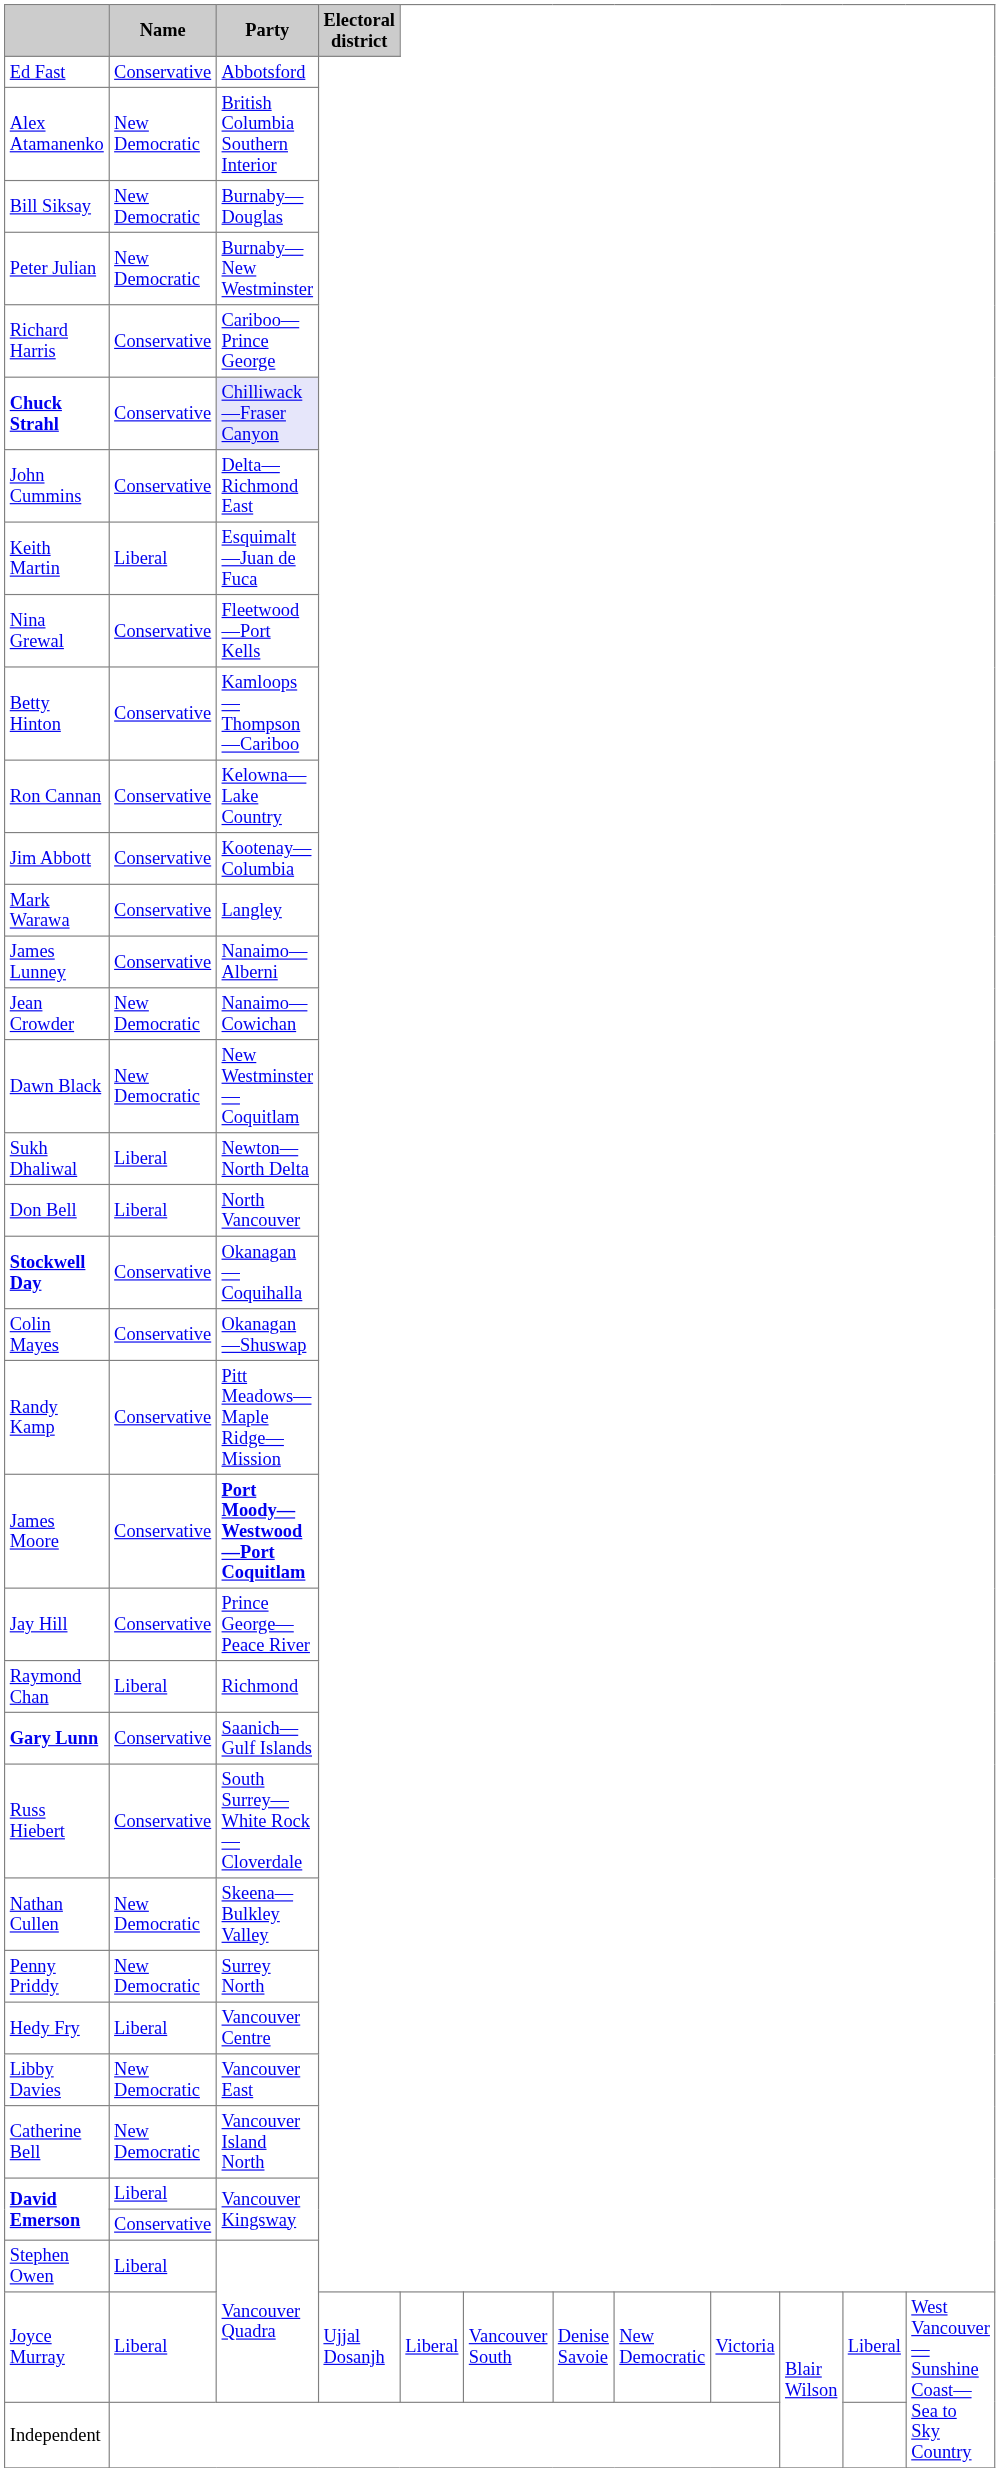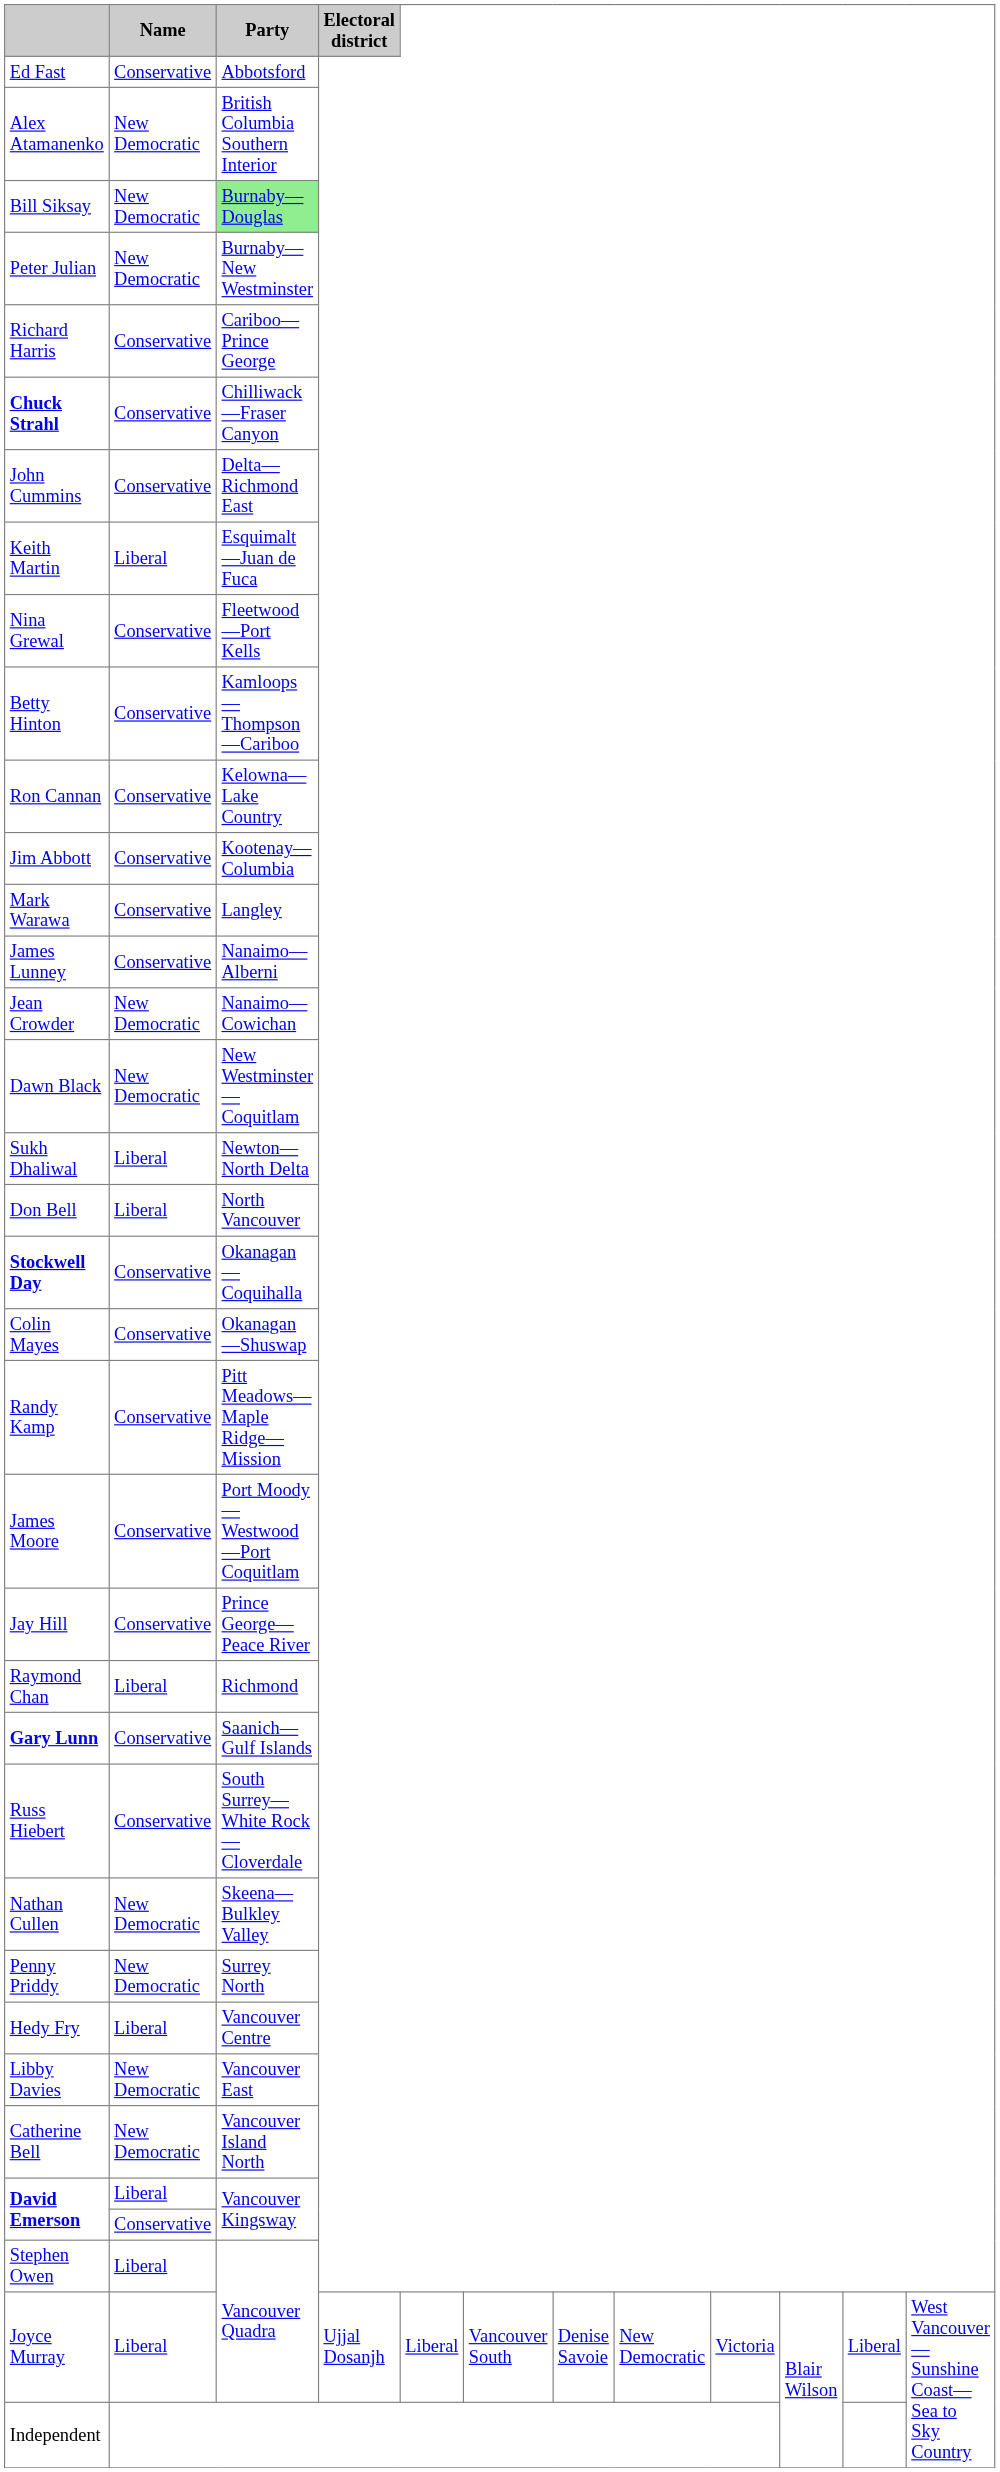 <table border="1" cellpadding="4" width="610" cellspacing="0" style="border-collapse: collapse">
 <tr bgcolor="CCCCCC">
 <th></th>
 <th>Name</th>
 <th>Party</th>
 <th>Electoral district</th>
 </tr>
 <tr>
 <td><a href='#'>Ed Fast</a></td>
 <td><a href='#'>Conservative</a></td>
 <td><a href='#'>Abbotsford</a></td>
 </tr>
 <tr>
 <td><a href='#'>Alex Atamanenko</a></td>
 <td><a href='#'>New Democratic</a></td>
 <td><a href='#'>British Columbia Southern Interior</a></td>
 </tr>
 <tr>
 <td><a href='#'>Bill Siksay</a></td>
 <td><a href='#'>New Democratic</a></td>
-<td><a href='#'>Burnaby—Douglas</a></td>
+<td style="background: lightgreen;"><a href='#'>Burnaby—Douglas</a></td>
 </tr>
 <tr>
 <td><a href='#'>Peter Julian</a></td>
 <td><a href='#'>New Democratic</a></td>
 <td><a href='#'>Burnaby—New Westminster</a></td>
 </tr>
 <tr>
 <td><a href='#'>Richard Harris</a></td>
 <td><a href='#'>Conservative</a></td>
 <td><a href='#'>Cariboo—Prince George</a></td>
 </tr>
 <tr>
 <td><strong><a href='#'>Chuck Strahl</a></strong></td>
 <td><a href='#'>Conservative</a></td>
-<td style="background: lavender;"><a href='#'>Chilliwack—Fraser Canyon</a></td>
+<td><a href='#'>Chilliwack—Fraser Canyon</a></td>
 </tr>
 <tr>
 <td><a href='#'>John Cummins</a></td>
 <td><a href='#'>Conservative</a></td>
 <td><a href='#'>Delta—Richmond East</a></td>
 </tr>
 <tr>
 <td><a href='#'>Keith Martin</a></td>
 <td><a href='#'>Liberal</a></td>
 <td><a href='#'>Esquimalt—Juan de Fuca</a></td>
 </tr>
 <tr>
 <td><a href='#'>Nina Grewal</a></td>
 <td><a href='#'>Conservative</a></td>
 <td><a href='#'>Fleetwood—Port Kells</a></td>
 </tr>
 <tr>
 <td><a href='#'>Betty Hinton</a></td>
 <td><a href='#'>Conservative</a></td>
 <td><a href='#'>Kamloops—Thompson—Cariboo</a></td>
 </tr>
 <tr>
 <td><a href='#'>Ron Cannan</a></td>
 <td><a href='#'>Conservative</a></td>
 <td><a href='#'>Kelowna—Lake Country</a></td>
 </tr>
 <tr>
 <td><a href='#'>Jim Abbott</a></td>
 <td><a href='#'>Conservative</a></td>
 <td><a href='#'>Kootenay—Columbia</a></td>
 </tr>
 <tr>
 <td><a href='#'>Mark Warawa</a></td>
 <td><a href='#'>Conservative</a></td>
 <td><a href='#'>Langley</a></td>
 </tr>
 <tr>
 <td><a href='#'>James Lunney</a></td>
 <td><a href='#'>Conservative</a></td>
 <td><a href='#'>Nanaimo—Alberni</a></td>
 </tr>
 <tr>
 <td><a href='#'>Jean Crowder</a></td>
 <td><a href='#'>New Democratic</a></td>
 <td><a href='#'>Nanaimo—Cowichan</a></td>
 </tr>
 <tr>
 <td><a href='#'>Dawn Black</a></td>
 <td><a href='#'>New Democratic</a></td>
 <td><a href='#'>New Westminster—Coquitlam</a></td>
 </tr>
 <tr>
 <td><a href='#'>Sukh Dhaliwal</a></td>
 <td><a href='#'>Liberal</a></td>
 <td><a href='#'>Newton—North Delta</a></td>
 </tr>
 <tr>
 <td><a href='#'>Don Bell</a></td>
 <td><a href='#'>Liberal</a></td>
 <td><a href='#'>North Vancouver</a></td>
 </tr>
 <tr>
 <td><strong><a href='#'>Stockwell Day</a></strong></td>
 <td><a href='#'>Conservative</a></td>
 <td><a href='#'>Okanagan—Coquihalla</a></td>
 </tr>
 <tr>
 <td><a href='#'>Colin Mayes</a></td>
 <td><a href='#'>Conservative</a></td>
 <td><a href='#'>Okanagan—Shuswap</a></td>
 </tr>
 <tr>
 <td><a href='#'>Randy Kamp</a></td>
 <td><a href='#'>Conservative</a></td>
 <td><a href='#'>Pitt Meadows—Maple Ridge—Mission</a></td>
 </tr>
 <tr>
 <td><a href='#'>James Moore</a></td>
 <td><a href='#'>Conservative</a></td>
-<td><strong><a href='#'>Port Moody—Westwood—Port Coquitlam</a></strong></td>
+<td><a href='#'>Port Moody—Westwood—Port Coquitlam</a></td>
 </tr>
 <tr>
 <td><a href='#'>Jay Hill</a></td>
 <td><a href='#'>Conservative</a></td>
 <td><a href='#'>Prince George—Peace River</a></td>
 </tr>
 <tr>
 <td><a href='#'>Raymond Chan</a></td>
 <td><a href='#'>Liberal</a></td>
 <td><a href='#'>Richmond</a></td>
 </tr>
 <tr>
 <td><strong><a href='#'>Gary Lunn</a></strong></td>
 <td><a href='#'>Conservative</a></td>
 <td><a href='#'>Saanich—Gulf Islands</a></td>
 </tr>
 <tr>
 <td><a href='#'>Russ Hiebert</a></td>
 <td><a href='#'>Conservative</a></td>
 <td><a href='#'>South Surrey—White Rock—Cloverdale</a></td>
 </tr>
 <tr>
 <td><a href='#'>Nathan Cullen</a></td>
 <td><a href='#'>New Democratic</a></td>
 <td><a href='#'>Skeena—Bulkley Valley</a></td>
 </tr>
 <tr>
 <td><a href='#'>Penny Priddy</a></td>
 <td><a href='#'>New Democratic</a></td>
 <td><a href='#'>Surrey North</a></td>
 </tr>
 <tr>
 <td><a href='#'>Hedy Fry</a></td>
 <td><a href='#'>Liberal</a></td>
 <td><a href='#'>Vancouver Centre</a></td>
 </tr>
 <tr>
 <td><a href='#'>Libby Davies</a></td>
 <td><a href='#'>New Democratic</a></td>
 <td><a href='#'>Vancouver East</a></td>
 </tr>
 <tr>
 <td><a href='#'>Catherine Bell</a></td>
 <td><a href='#'>New Democratic</a></td>
 <td><a href='#'>Vancouver Island North</a></td>
 </tr>
 <tr>
 <td rowspan=2><strong><a href='#'>David Emerson</a></strong></td>
 <td><a href='#'>Liberal</a></td>
 <td rowspan=2><a href='#'>Vancouver Kingsway</a></td>
 </tr>
 <tr>
 <td><a href='#'>Conservative</a></td>
 </tr>
 <tr>
 <td><a href='#'>Stephen Owen</a></td>
 <td><a href='#'>Liberal</a></td>
 <td rowspan=2><a href='#'>Vancouver Quadra</a></td>
 </tr>
 <tr>
 <td><a href='#'>Joyce Murray</a></td>
 <td><a href='#'>Liberal</a><br></td>
 <td><a href='#'>Ujjal Dosanjh</a></td>
 <td><a href='#'>Liberal</a></td>
 <td><a href='#'>Vancouver South</a><br></td>
 <td><a href='#'>Denise Savoie</a></td>
 <td><a href='#'>New Democratic</a></td>
 <td><a href='#'>Victoria</a><br></td>
 <td rowspan=3><a href='#'>Blair Wilson</a></td>
 <td><a href='#'>Liberal</a></td>
 <td rowspan=3><a href='#'>West Vancouver—Sunshine Coast—Sea to Sky Country</a></td>
 </tr>
 <tr>
 <td>Independent<br></td>
 </tr>
 </table>
